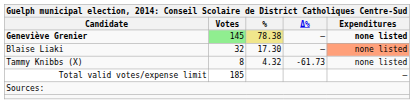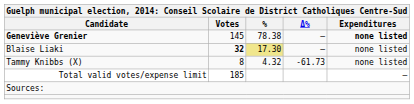 <table class="wikitable collapsible">
 <tr>
 <th colspan="5">Guelph municipal election, 2014: Conseil Scolaire de District Catholiques Centre-Sud</th>
 </tr>
 <tr>
 <th>Candidate</th>
 <th>Votes</th>
 <th>%</th>
 <th><a href='#'>Δ%</a></th>
 <th>Expenditures</th>
 </tr>
 <tr>
 <td><strong>Geneviève Grenier</strong></td>
-<td align="right" style="background: lightgreen;">145</td>
-<td align="right" style="background: khaki;">78.38</td>
+<td align="right">145</td>
+<td align="right">78.38</td>
 <td align="right">–</td>
 <td align="right"><strong>none listed</strong></td>
 </tr>
 <tr>
 <td>Blaise Liaki</td>
-<td align="right">32</td>
-<td align="right">17.30</td>
+<td align="right"><strong>32</strong></td>
+<td align="right" style="background: khaki;">17.30</td>
 <td align="right">–</td>
-<td align="right" style="background: lightsalmon;">none listed</td>
+<td align="right">none listed</td>
 </tr>
 <tr>
 <td>Tammy Knibbs (X)</td>
 <td align="right">8</td>
 <td align="right">4.32</td>
 <td align="right">-61.73</td>
 <td align="right">none listed</td>
 </tr>
 <tr>
 <td style="text-align:right;background: white;">Total valid votes/expense limit</td>
 <td style="text-align:right;background: white;">185</td>
 <td style="text-align:right;background: white;"></td>
 <td style="text-align:right;background: white;"> </td>
 <td style="text-align:right;background: white;">–</td>
 </tr>
 <tr>
 <td colspan="5">Sources: </td>
 </tr>
 <tr>
 <td colspan="5"></td>
 </tr>
 </table>
